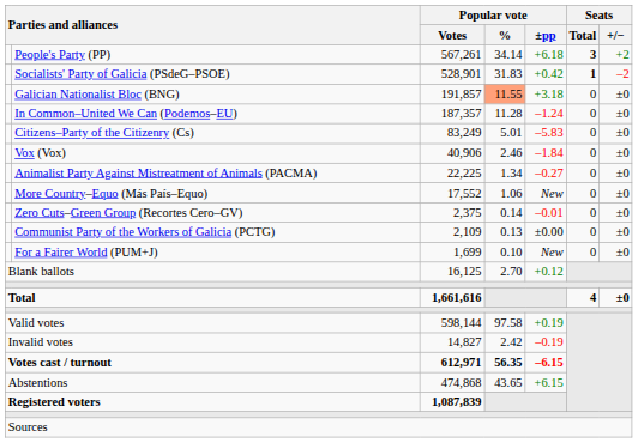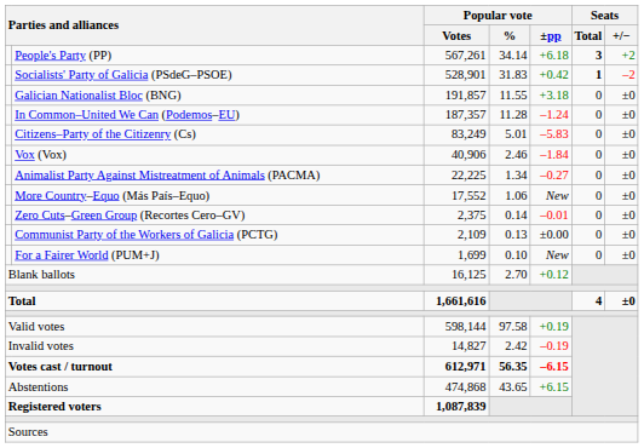 <table class="wikitable" style="text-align:right;">
 <tr>
 <th style="text-align:left;" rowspan="2" colspan="2" width="525">Parties and alliances</th>
 <th colspan="3">Popular vote</th>
 <th colspan="2">Seats</th>
 </tr>
 <tr>
 <th width="75">Votes</th>
 <th width="45">%</th>
 <th width="45">±<a href='#'>pp</a></th>
 <th width="35">Total</th>
 <th width="35">+/−</th>
 </tr>
 <tr>
 <td width="1" style="color:inherit;background:"></td>
 <td align="left"><a href='#'>People's Party</a> (PP)</td>
 <td>567,261</td>
 <td>34.14</td>
 <td style="color:green;">+6.18</td>
 <td><strong>3</strong></td>
 <td style="color:green;">+2</td>
 </tr>
 <tr>
 <td style="color:inherit;background:"></td>
 <td align="left"><a href='#'>Socialists' Party of Galicia</a> (PSdeG–PSOE)</td>
 <td>528,901</td>
 <td>31.83</td>
 <td style="color:green;">+0.42</td>
 <td><strong>1</strong></td>
 <td style="color:red;">–2</td>
 </tr>
 <tr>
 <td style="color:inherit;background:"></td>
 <td align="left"><a href='#'>Galician Nationalist Bloc</a> (BNG)</td>
 <td>191,857</td>
-<td style="background: lightsalmon;">11.55</td>
+<td>11.55</td>
 <td style="color:green;">+3.18</td>
 <td>0</td>
 <td>±0</td>
 </tr>
 <tr>
 <td style="color:inherit;background:"></td>
 <td align="left"><a href='#'>In Common–United We Can</a> (<a href='#'>Podemos</a>–<a href='#'>EU</a>)</td>
 <td>187,357</td>
 <td>11.28</td>
 <td style="color:red;">–1.24</td>
 <td>0</td>
 <td>±0</td>
 </tr>
 <tr>
 <td style="color:inherit;background:"></td>
 <td align="left"><a href='#'>Citizens–Party of the Citizenry</a> (Cs)</td>
 <td>83,249</td>
 <td>5.01</td>
 <td style="color:red;">–5.83</td>
 <td>0</td>
 <td>±0</td>
 </tr>
 <tr>
 <td style="color:inherit;background:"></td>
 <td align="left"><a href='#'>Vox</a> (Vox)</td>
 <td>40,906</td>
 <td>2.46</td>
 <td style="color:red;">–1.84</td>
 <td>0</td>
 <td>±0</td>
 </tr>
 <tr>
 <td style="color:inherit;background:"></td>
 <td align="left"><a href='#'>Animalist Party Against Mistreatment of Animals</a> (PACMA)</td>
 <td>22,225</td>
 <td>1.34</td>
 <td style="color:red;">–0.27</td>
 <td>0</td>
 <td>±0</td>
 </tr>
 <tr>
 <td style="color:inherit;background:"></td>
 <td align="left"><a href='#'>More Country</a>–<a href='#'>Equo</a> (Más País–Equo)</td>
 <td>17,552</td>
 <td>1.06</td>
 <td><em>New</em></td>
 <td>0</td>
 <td>±0</td>
 </tr>
 <tr>
 <td style="color:inherit;background:"></td>
 <td align="left"><a href='#'>Zero Cuts</a>–<a href='#'>Green Group</a> (Recortes Cero–GV)</td>
 <td>2,375</td>
 <td>0.14</td>
 <td style="color:red;">–0.01</td>
 <td>0</td>
 <td>±0</td>
 </tr>
 <tr>
 <td style="color:inherit;background:"></td>
 <td align="left"><a href='#'>Communist Party of the Workers of Galicia</a> (PCTG)</td>
 <td>2,109</td>
 <td>0.13</td>
 <td>±0.00</td>
 <td>0</td>
 <td>±0</td>
 </tr>
 <tr>
 <td style="color:inherit;background:"></td>
 <td align="left"><a href='#'>For a Fairer World</a> (PUM+J)</td>
 <td>1,699</td>
 <td>0.10</td>
 <td><em>New</em></td>
 <td>0</td>
 <td>±0</td>
 </tr>
 <tr>
 <td align="left" colspan="2">Blank ballots</td>
 <td>16,125</td>
 <td>2.70</td>
 <td style="color:green;">+0.12</td>
 <td bgcolor="#E9E9E9" colspan="2"></td>
 </tr>
 <tr>
 <td colspan="7" bgcolor="#E9E9E9"></td>
 </tr>
 <tr style="font-weight:bold;">
 <td align="left" colspan="2">Total</td>
 <td>1,661,616</td>
 <td bgcolor="#E9E9E9" colspan="2"></td>
 <td>4</td>
 <td>±0</td>
 </tr>
 <tr>
 <td colspan="7" bgcolor="#E9E9E9"></td>
 </tr>
 <tr>
 <td align="left" colspan="2">Valid votes</td>
 <td>598,144</td>
 <td>97.58</td>
 <td style="color:green;">+0.19</td>
 <td bgcolor="#E9E9E9" colspan="2" rowspan="5"></td>
 </tr>
 <tr>
 <td align="left" colspan="2">Invalid votes</td>
 <td>14,827</td>
 <td>2.42</td>
 <td style="color:red;">–0.19</td>
 </tr>
 <tr style="font-weight:bold;">
 <td align="left" colspan="2">Votes cast / turnout</td>
 <td>612,971</td>
 <td>56.35</td>
 <td style="color:red;">–6.15</td>
 </tr>
 <tr>
 <td align="left" colspan="2">Abstentions</td>
 <td>474,868</td>
 <td>43.65</td>
 <td style="color:green;">+6.15</td>
 </tr>
 <tr style="font-weight:bold;">
 <td align="left" colspan="2">Registered voters</td>
 <td>1,087,839</td>
 <td bgcolor="#E9E9E9" colspan="2"></td>
 </tr>
 <tr>
 <td colspan="7" bgcolor="#E9E9E9"></td>
 </tr>
 <tr>
 <td align="left" colspan="7">Sources</td>
 </tr>
 </table>
